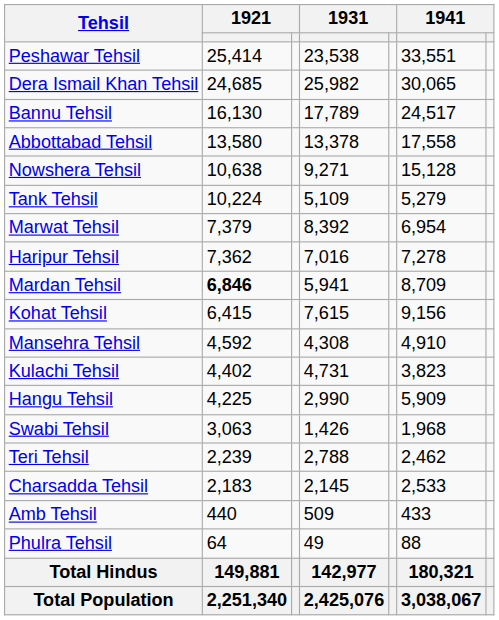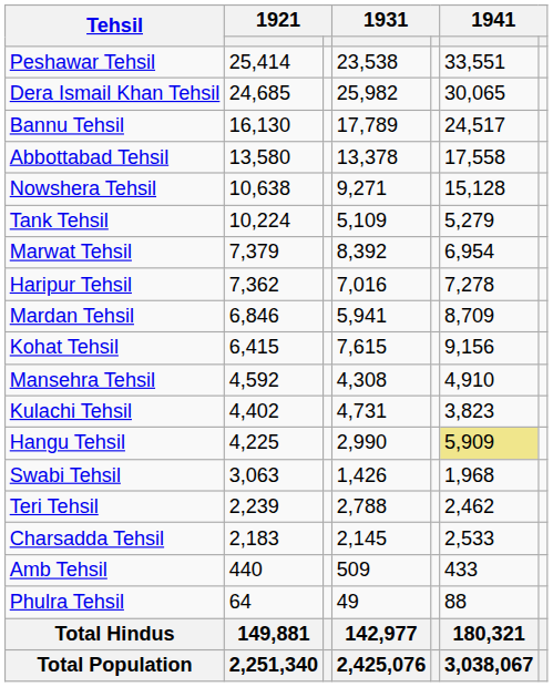 <table class="wikitable sortable">
 <tr>
 <th rowspan="2"><a href='#'>Tehsil</a></th>
 <th colspan="2">1921</th>
 <th colspan="2">1931</th>
 <th colspan="2">1941</th>
 </tr>
 <tr>
 <th><a href='#'></a></th>
 <th></th>
 <th></th>
 <th></th>
 <th></th>
 <th></th>
 </tr>
 <tr>
 <td><a href='#'>Peshawar Tehsil</a></td>
 <td>25,414</td>
 <td></td>
 <td>23,538</td>
 <td></td>
 <td>33,551</td>
 <td></td>
 </tr>
 <tr>
 <td><a href='#'>Dera Ismail Khan Tehsil</a></td>
 <td>24,685</td>
 <td></td>
 <td>25,982</td>
 <td></td>
 <td>30,065</td>
 <td></td>
 </tr>
 <tr>
 <td><a href='#'>Bannu Tehsil</a></td>
 <td>16,130</td>
 <td></td>
 <td>17,789</td>
 <td></td>
 <td>24,517</td>
 <td></td>
 </tr>
 <tr>
 <td><a href='#'>Abbottabad Tehsil</a></td>
 <td>13,580</td>
 <td></td>
 <td>13,378</td>
 <td></td>
 <td>17,558</td>
 <td></td>
 </tr>
 <tr>
 <td><a href='#'>Nowshera Tehsil</a></td>
 <td>10,638</td>
 <td></td>
 <td>9,271</td>
 <td></td>
 <td>15,128</td>
 <td></td>
 </tr>
 <tr>
 <td><a href='#'>Tank Tehsil</a></td>
 <td>10,224</td>
 <td></td>
 <td>5,109</td>
 <td></td>
 <td>5,279</td>
 <td></td>
 </tr>
 <tr>
 <td><a href='#'>Marwat Tehsil</a></td>
 <td>7,379</td>
 <td></td>
 <td>8,392</td>
 <td></td>
 <td>6,954</td>
 <td></td>
 </tr>
 <tr>
 <td><a href='#'>Haripur Tehsil</a></td>
 <td>7,362</td>
 <td></td>
 <td>7,016</td>
 <td></td>
 <td>7,278</td>
 <td></td>
 </tr>
 <tr>
 <td><a href='#'>Mardan Tehsil</a></td>
-<td><strong>6,846</strong></td>
+<td>6,846</td>
 <td></td>
 <td>5,941</td>
 <td></td>
 <td>8,709</td>
 <td></td>
 </tr>
 <tr>
 <td><a href='#'>Kohat Tehsil</a></td>
 <td>6,415</td>
 <td></td>
 <td>7,615</td>
 <td></td>
 <td>9,156</td>
 <td></td>
 </tr>
 <tr>
 <td><a href='#'>Mansehra Tehsil</a></td>
 <td>4,592</td>
 <td></td>
 <td>4,308</td>
 <td></td>
 <td>4,910</td>
 <td></td>
 </tr>
 <tr>
 <td><a href='#'>Kulachi Tehsil</a></td>
 <td>4,402</td>
 <td></td>
 <td>4,731</td>
 <td></td>
 <td>3,823</td>
 <td></td>
 </tr>
 <tr>
 <td><a href='#'>Hangu Tehsil</a></td>
 <td>4,225</td>
 <td></td>
 <td>2,990</td>
 <td></td>
-<td>5,909</td>
+<td style="background: khaki;">5,909</td>
 <td></td>
 </tr>
 <tr>
 <td><a href='#'>Swabi Tehsil</a></td>
 <td>3,063</td>
 <td></td>
 <td>1,426</td>
 <td></td>
 <td>1,968</td>
 <td></td>
 </tr>
 <tr>
 <td><a href='#'>Teri Tehsil</a></td>
 <td>2,239</td>
 <td></td>
 <td>2,788</td>
 <td></td>
 <td>2,462</td>
 <td></td>
 </tr>
 <tr>
 <td><a href='#'>Charsadda Tehsil</a></td>
 <td>2,183</td>
 <td></td>
 <td>2,145</td>
 <td></td>
 <td>2,533</td>
 <td></td>
 </tr>
 <tr>
 <td><a href='#'>Amb Tehsil</a></td>
 <td>440</td>
 <td></td>
 <td>509</td>
 <td></td>
 <td>433</td>
 <td></td>
 </tr>
 <tr>
 <td><a href='#'>Phulra Tehsil</a></td>
 <td>64</td>
 <td></td>
 <td>49</td>
 <td></td>
 <td>88</td>
 <td></td>
 </tr>
 <tr>
 <th>Total Hindus</th>
 <th>149,881</th>
 <th></th>
 <th>142,977</th>
 <th></th>
 <th>180,321</th>
 <th></th>
 </tr>
 <tr>
 <th>Total Population</th>
 <th>2,251,340</th>
 <th></th>
 <th>2,425,076</th>
 <th></th>
 <th>3,038,067</th>
 <th></th>
 </tr>
 </table>
